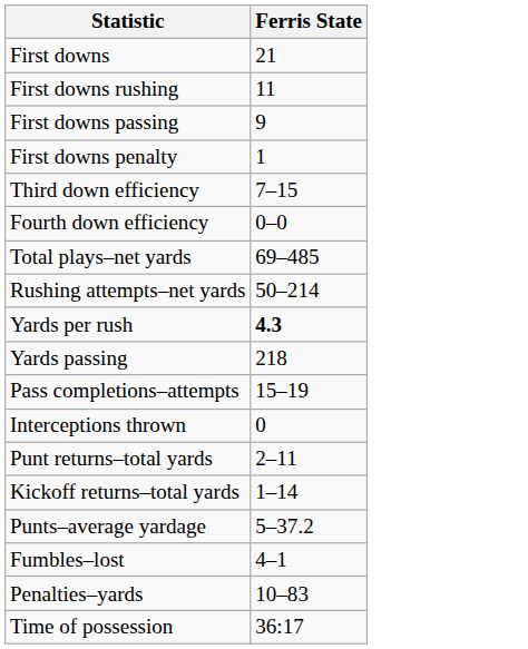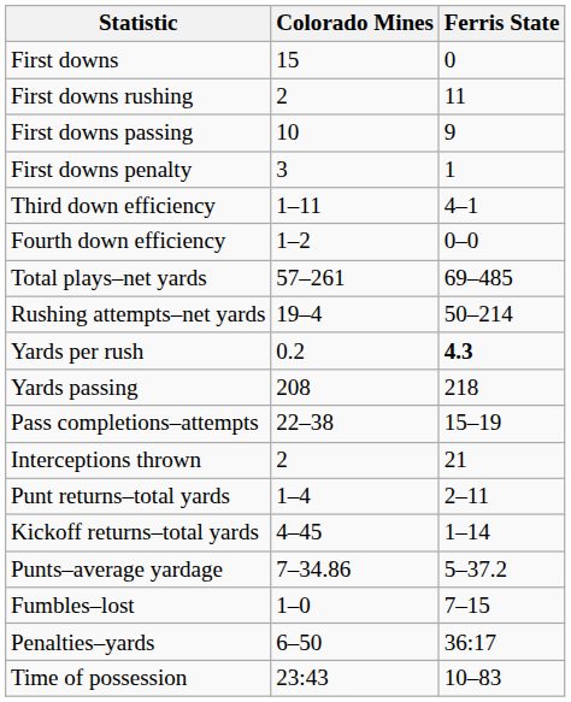 <table class="wikitable">
 <tr>
 <th>Statistic</th>
+<th><strong>Colorado Mines</strong></th>
 <th><strong>Ferris State</strong></th>
 </tr>
 <tr>
 <td>First downs</td>
-<td>21</td>
+<td>15</td>
+<td>0</td>
 </tr>
 <tr>
 <td>First downs rushing</td>
+<td>2</td>
 <td>11</td>
 </tr>
 <tr>
 <td>First downs passing</td>
+<td>10</td>
 <td>9</td>
 </tr>
 <tr>
 <td>First downs penalty</td>
+<td>3</td>
 <td>1</td>
 </tr>
 <tr>
 <td>Third down efficiency</td>
-<td>7–15</td>
+<td>1–11</td>
+<td>4–1</td>
 </tr>
 <tr>
 <td>Fourth down efficiency</td>
+<td>1–2</td>
 <td>0–0</td>
 </tr>
 <tr>
 <td>Total plays–net yards</td>
+<td>57–261</td>
 <td>69–485</td>
 </tr>
 <tr>
 <td>Rushing attempts–net yards</td>
+<td>19–4</td>
 <td>50–214</td>
 </tr>
 <tr>
 <td>Yards per rush</td>
+<td>0.2</td>
 <td><strong>4.3</strong></td>
 </tr>
 <tr>
 <td>Yards passing</td>
+<td>208</td>
 <td>218</td>
 </tr>
 <tr>
 <td>Pass completions–attempts</td>
+<td>22–38</td>
 <td>15–19</td>
 </tr>
 <tr>
 <td>Interceptions thrown</td>
-<td>0</td>
+<td>2</td>
+<td>21</td>
 </tr>
 <tr>
 <td>Punt returns–total yards</td>
+<td>1–4</td>
 <td>2–11</td>
 </tr>
 <tr>
 <td>Kickoff returns–total yards</td>
+<td>4–45</td>
 <td>1–14</td>
 </tr>
 <tr>
 <td>Punts–average yardage</td>
+<td>7–34.86</td>
 <td>5–37.2</td>
 </tr>
 <tr>
 <td>Fumbles–lost</td>
-<td>4–1</td>
+<td>1–0</td>
+<td>7–15</td>
 </tr>
 <tr>
 <td>Penalties–yards</td>
-<td>10–83</td>
+<td>6–50</td>
+<td>36:17</td>
 </tr>
 <tr>
 <td>Time of possession</td>
-<td>36:17</td>
+<td>23:43</td>
+<td>10–83</td>
 </tr>
 </table>
